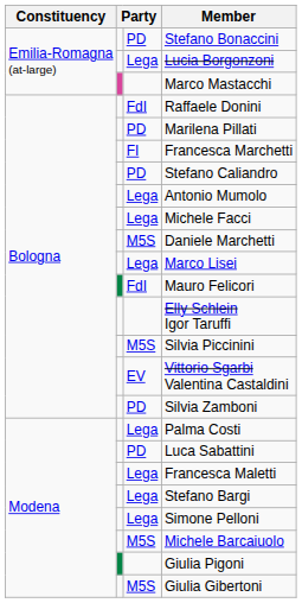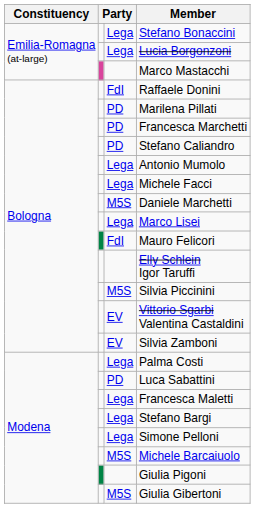 <table class="wikitable" style="font-size:90%">
 <tr>
 <th>Constituency</th>
 <th colspan=2>Party</th>
 <th>Member</th>
 </tr>
 <tr>
 <td rowspan="3"><a href='#'>Emilia-Romagna</a><br><small>(at-large)</small></td>
 <td style="background:"></td>
-<td><a href='#'>PD</a></td>
+<td><a href='#'>Lega</a></td>
 <td><a href='#'>Stefano Bonaccini</a></td>
 </tr>
 <tr>
 <td style="background:"></td>
 <td><a href='#'>Lega</a></td>
 <td><s><a href='#'>Lucia Borgonzoni</a></s></td>
 </tr>
 <tr>
 <td style="background:#D9449C"></td>
 <td></td>
 <td>Marco Mastacchi</td>
 </tr>
 <tr>
 <td rowspan="13"><a href='#'>Bologna</a></td>
 <td style="background:"></td>
 <td><a href='#'>FdI</a></td>
 <td>Raffaele Donini</td>
 </tr>
 <tr>
 <td style="background:"></td>
 <td><a href='#'>PD</a></td>
 <td>Marilena Pillati</td>
 </tr>
 <tr>
 <td style="background:"></td>
-<td><a href='#'>FI</a></td>
+<td><a href='#'>PD</a></td>
 <td>Francesca Marchetti</td>
 </tr>
 <tr>
 <td style="background:"></td>
 <td><a href='#'>PD</a></td>
 <td>Stefano Caliandro</td>
 </tr>
 <tr>
 <td style="background:"></td>
 <td><a href='#'>Lega</a></td>
 <td>Antonio Mumolo</td>
 </tr>
 <tr>
 <td style="background:"></td>
 <td><a href='#'>Lega</a></td>
 <td>Michele Facci</td>
 </tr>
 <tr>
 <td style="background:"></td>
 <td><a href='#'>M5S</a></td>
 <td>Daniele Marchetti</td>
 </tr>
 <tr>
 <td style="background:"></td>
 <td><a href='#'>Lega</a></td>
 <td><a href='#'>Marco Lisei</a></td>
 </tr>
 <tr>
 <td style="background:#008445"></td>
 <td><a href='#'>FdI</a></td>
 <td>Mauro Felicori</td>
 </tr>
 <tr>
 <td style="background:"></td>
 <td></td>
 <td><s><a href='#'>Elly Schlein</a></s><br>Igor Taruffi</td>
 </tr>
 <tr>
 <td style="background:"></td>
 <td><a href='#'>M5S</a></td>
 <td>Silvia Piccinini</td>
 </tr>
 <tr>
 <td style="background:"></td>
 <td><a href='#'>EV</a></td>
 <td><s><a href='#'>Vittorio Sgarbi</a></s><br>Valentina Castaldini</td>
 </tr>
 <tr>
 <td style="background:"></td>
-<td><a href='#'>PD</a></td>
+<td><a href='#'>EV</a></td>
 <td>Silvia Zamboni</td>
 </tr>
 <tr>
 <td rowspan="8"><a href='#'>Modena</a></td>
 <td style="background:"></td>
 <td><a href='#'>Lega</a></td>
 <td>Palma Costi</td>
 </tr>
 <tr>
 <td style="background:"></td>
 <td><a href='#'>PD</a></td>
 <td>Luca Sabattini</td>
 </tr>
 <tr>
 <td style="background:"></td>
 <td><a href='#'>Lega</a></td>
 <td>Francesca Maletti</td>
 </tr>
 <tr>
 <td style="background:"></td>
 <td><a href='#'>Lega</a></td>
 <td>Stefano Bargi</td>
 </tr>
 <tr>
 <td style="background:"></td>
 <td><a href='#'>Lega</a></td>
 <td>Simone Pelloni</td>
 </tr>
 <tr>
 <td style="background:"></td>
 <td><a href='#'>M5S</a></td>
 <td><a href='#'>Michele Barcaiuolo</a></td>
 </tr>
 <tr>
 <td style="background:#008445"></td>
 <td></td>
 <td>Giulia Pigoni</td>
 </tr>
 <tr>
 <td style="background:"></td>
 <td><a href='#'>M5S</a></td>
 <td>Giulia Gibertoni</td>
 </tr>
 </table>
